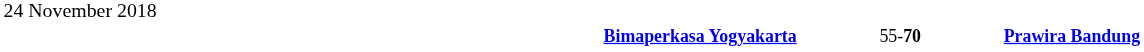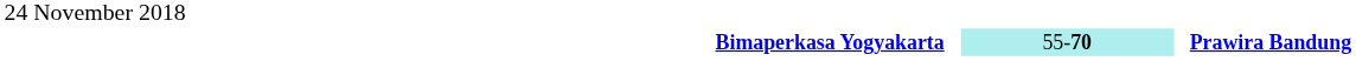 <table cellspacing="1" style="width:100%;">
 <tr>
 <td>24 November 2018</td>
 </tr>
 <tr style="font-size:90%">
 <td align="right"><a href='#'><strong>Bimaperkasa Yogyakarta</strong></a></td>
 <td></td>
-<td align="center">55-<strong>70</strong></td>
+<td align="center" style="background: paleturquoise;">55-<strong>70</strong></td>
 <td></td>
 <td><strong><a href='#'>Prawira Bandung</a></strong></td>
 </tr>
 </table>
